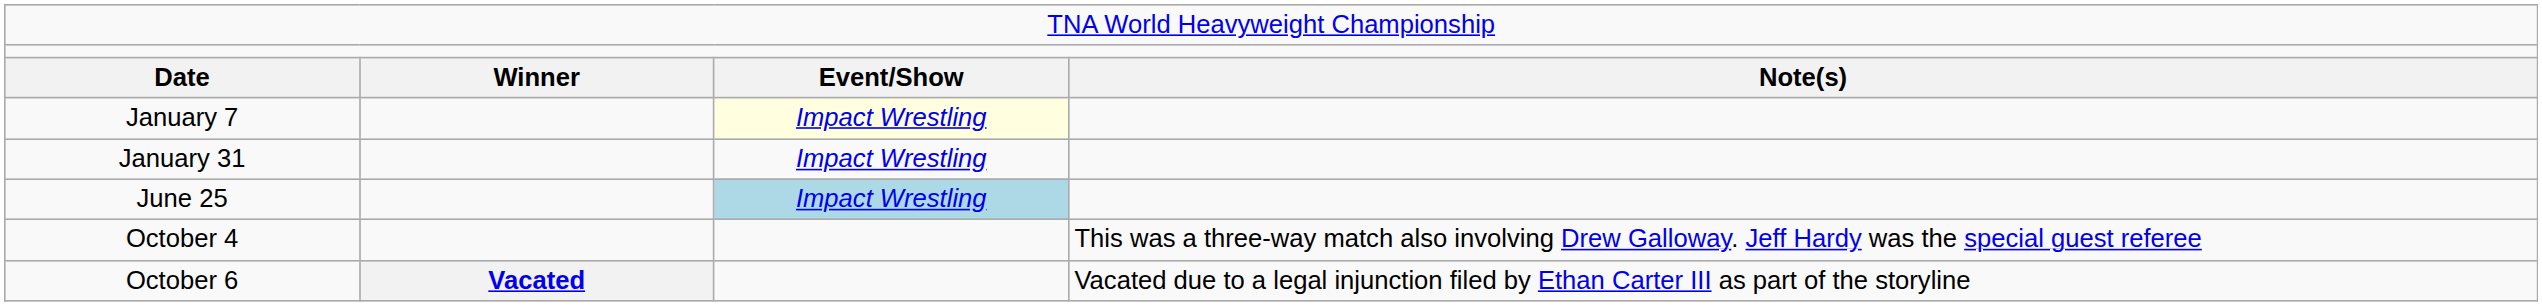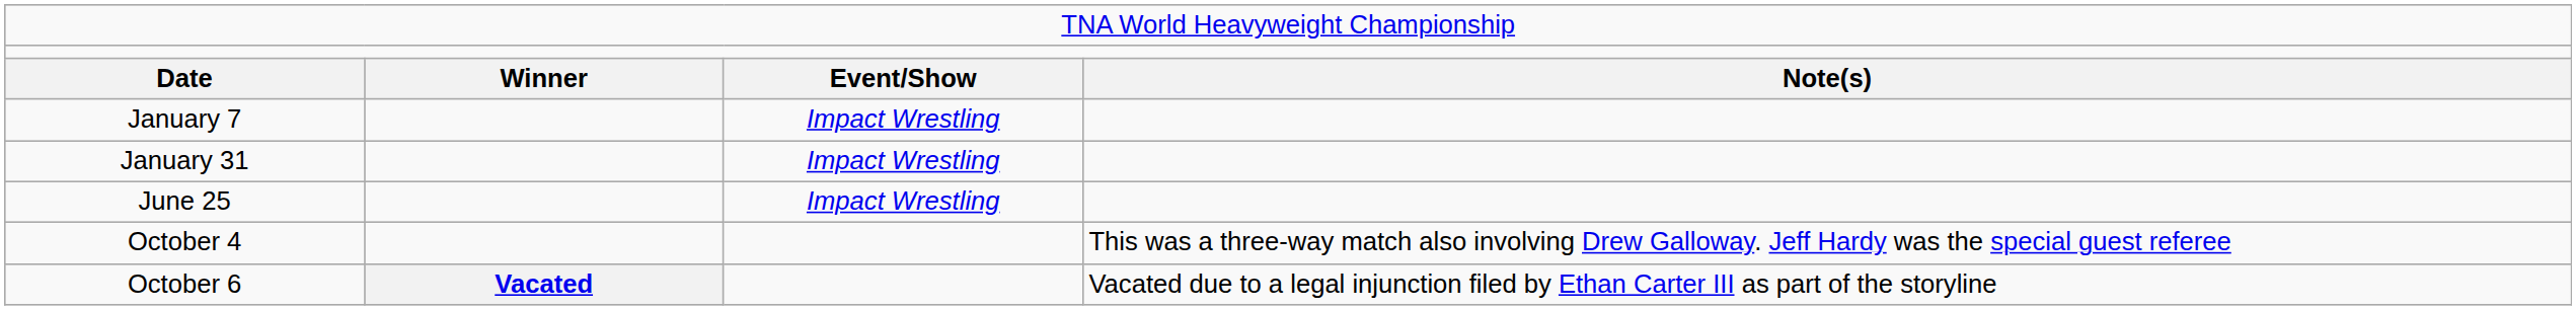 <table class="wikitable" style="text-align:center; width:100%;">
 <tr>
 <td colspan="5"><a href='#'>TNA World Heavyweight Championship</a></td>
 </tr>
 <tr>
 <td colspan="5"><strong></strong></td>
 </tr>
 <tr>
 <th width="14%">Date</th>
 <th width="14%">Winner</th>
 <th width="14%">Event/Show</th>
 <th width="58%">Note(s)</th>
 </tr>
 <tr>
 <td>January 7</td>
 <td></td>
-<td style="background: lightyellow;"><em><a href='#'>Impact Wrestling</a></em></td>
+<td><em><a href='#'>Impact Wrestling</a></em></td>
 <td align=left></td>
 </tr>
 <tr>
 <td>January 31<br></td>
 <td></td>
 <td><em><a href='#'>Impact Wrestling</a></em></td>
 <td></td>
 </tr>
 <tr>
 <td>June 25<br></td>
 <td></td>
-<td style="background: lightblue;"><em><a href='#'>Impact Wrestling</a></em></td>
+<td><em><a href='#'>Impact Wrestling</a></em></td>
 <td></td>
 </tr>
 <tr>
 <td>October 4</td>
 <td></td>
 <td></td>
 <td align=left>This was a three-way match also involving <a href='#'>Drew Galloway</a>. <a href='#'>Jeff Hardy</a> was the <a href='#'>special guest referee</a></td>
 </tr>
 <tr>
 <td>October 6</td>
 <th><a href='#'>Vacated</a></th>
 <td></td>
 <td align=left>Vacated due to a legal injunction filed by <a href='#'>Ethan Carter III</a> as part of the storyline</td>
 </tr>
 </table>
